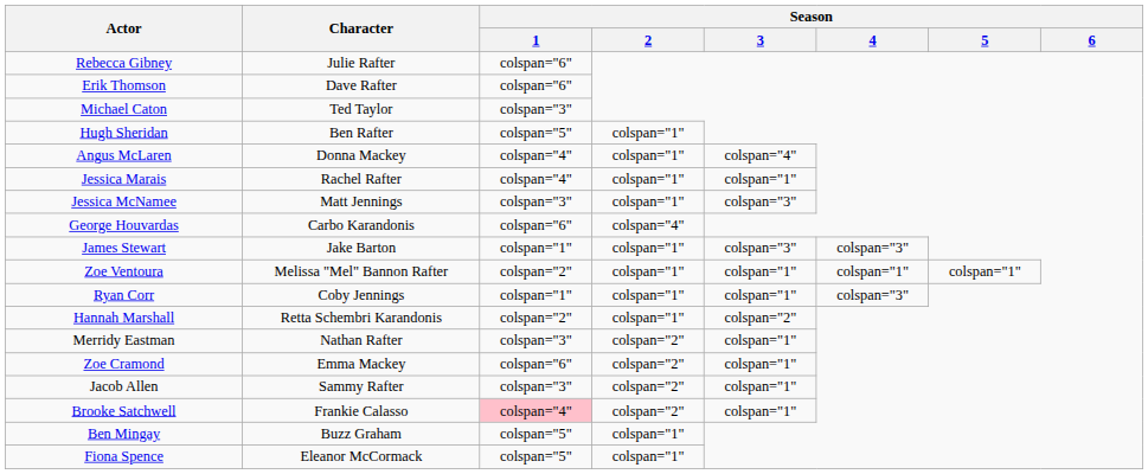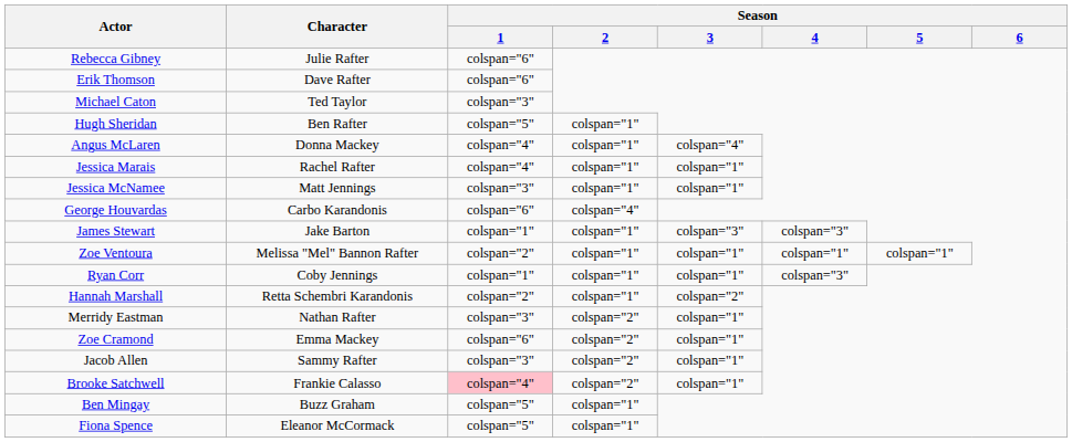 <table class="wikitable plainrowheaders" style="text-align:center">
 <tr>
 <th rowspan="2" style="width:14%;" scope="col">Actor</th>
 <th rowspan="2" style="width:14%;" scope="col">Character</th>
 <th colspan="12">Season</th>
 </tr>
 <tr>
 <th scope="col" style="width:6%;"><a href='#'>1</a></th>
 <th scope="col" style="width:6%;"><a href='#'>2</a></th>
 <th scope="col" style="width:6%;"><a href='#'>3</a></th>
 <th scope="col" style="width:6%;"><a href='#'>4</a></th>
 <th scope="col" style="width:6%;"><a href='#'>5</a></th>
 <th scope="col" style="width:6%;"><a href='#'>6</a></th>
 </tr>
 <tr>
 <td><a href='#'>Rebecca Gibney</a></td>
 <td>Julie Rafter</td>
 <td>colspan="6" </td>
 </tr>
 <tr>
 <td><a href='#'>Erik Thomson</a></td>
 <td>Dave Rafter</td>
 <td>colspan="6" </td>
 </tr>
 <tr>
 <td><a href='#'>Michael Caton</a></td>
 <td>Ted Taylor</td>
 <td>colspan="3" </td>
 </tr>
 <tr>
 <td><a href='#'>Hugh Sheridan</a></td>
 <td>Ben Rafter</td>
 <td>colspan="5" </td>
 <td>colspan="1" </td>
 </tr>
 <tr>
 <td><a href='#'>Angus McLaren</a></td>
 <td>Donna Mackey</td>
 <td>colspan="4" </td>
 <td>colspan="1" </td>
 <td>colspan="4" </td>
 </tr>
 <tr>
 <td><a href='#'>Jessica Marais</a></td>
 <td>Rachel Rafter</td>
 <td>colspan="4" </td>
 <td>colspan="1" </td>
 <td>colspan="1" </td>
 </tr>
 <tr>
 <td><a href='#'>Jessica McNamee</a></td>
 <td>Matt Jennings</td>
 <td>colspan="3" </td>
 <td>colspan="1" </td>
-<td>colspan="3" </td>
+<td>colspan="1" </td>
 </tr>
 <tr>
 <td><a href='#'>George Houvardas</a></td>
 <td>Carbo Karandonis</td>
 <td>colspan="6" </td>
 <td>colspan="4" </td>
 </tr>
 <tr>
 <td><a href='#'>James Stewart</a></td>
 <td>Jake Barton</td>
 <td>colspan="1" </td>
 <td>colspan="1" </td>
 <td>colspan="3" </td>
 <td>colspan="3" </td>
 </tr>
 <tr>
 <td><a href='#'>Zoe Ventoura</a></td>
 <td>Melissa "Mel" Bannon Rafter</td>
 <td>colspan="2" </td>
 <td>colspan="1" </td>
 <td>colspan="1" </td>
 <td>colspan="1" </td>
 <td>colspan="1" </td>
 </tr>
 <tr>
 <td><a href='#'>Ryan Corr</a></td>
 <td>Coby Jennings</td>
 <td>colspan="1" </td>
 <td>colspan="1" </td>
 <td>colspan="1" </td>
 <td>colspan="3" </td>
 </tr>
 <tr>
 <td><a href='#'>Hannah Marshall</a></td>
 <td>Retta Schembri Karandonis</td>
 <td>colspan="2" </td>
 <td>colspan="1" </td>
 <td>colspan="2" </td>
 </tr>
 <tr>
 <td>Merridy Eastman</td>
 <td>Nathan Rafter</td>
 <td>colspan="3" </td>
 <td>colspan="2" </td>
 <td>colspan="1" </td>
 </tr>
 <tr>
 <td><a href='#'>Zoe Cramond</a></td>
 <td>Emma Mackey</td>
 <td>colspan="6" </td>
 <td>colspan="2" </td>
 <td>colspan="1" </td>
 </tr>
 <tr>
 <td>Jacob Allen</td>
 <td>Sammy Rafter</td>
 <td>colspan="3" </td>
 <td>colspan="2" </td>
 <td>colspan="1" </td>
 </tr>
 <tr>
 <td><a href='#'>Brooke Satchwell</a></td>
 <td>Frankie Calasso</td>
 <td style="background: pink;">colspan="4" </td>
 <td>colspan="2" </td>
 <td>colspan="1" </td>
 </tr>
 <tr>
 <td><a href='#'>Ben Mingay</a></td>
 <td>Buzz Graham</td>
 <td>colspan="5" </td>
 <td>colspan="1" </td>
 </tr>
 <tr>
 <td><a href='#'>Fiona Spence</a></td>
 <td>Eleanor McCormack</td>
 <td>colspan="5" </td>
 <td>colspan="1" </td>
 </tr>
 </table>
